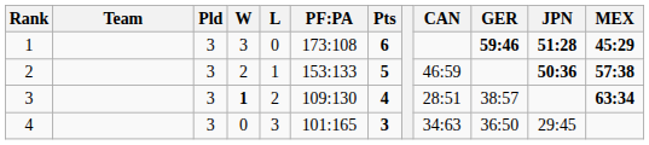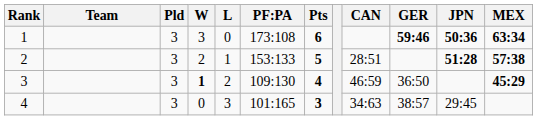 <table class="wikitable" style="text-align:center">
 <tr>
 <th width=25>Rank</th>
 <th width=150>Team</th>
 <th width=25>Pld</th>
 <th width=25>W</th>
 <th width=25>L</th>
 <th width=70>PF:PA</th>
 <th width=25>Pts</th>
 <th rowspan="5"> </th>
 <th width=50>CAN</th>
 <th width=50>GER</th>
 <th width=50>JPN</th>
 <th width=50>MEX</th>
 </tr>
 <tr>
 <td>1</td>
 <td style="text-align:left"></td>
 <td>3</td>
 <td>3</td>
 <td>0</td>
 <td>173:108</td>
 <td><strong>6</strong></td>
 <td></td>
 <td><strong>59:46</strong></td>
-<td><strong>51:28</strong></td>
-<td><strong>45:29</strong></td>
+<td><strong>50:36</strong></td>
+<td><strong>63:34</strong></td>
 </tr>
 <tr>
 <td>2</td>
 <td style="text-align:left"></td>
 <td>3</td>
 <td>2</td>
 <td>1</td>
 <td>153:133</td>
 <td><strong>5</strong></td>
-<td>46:59</td>
+<td>28:51</td>
 <td></td>
-<td><strong>50:36</strong></td>
+<td><strong>51:28</strong></td>
 <td><strong>57:38</strong></td>
 </tr>
 <tr>
 <td>3</td>
 <td style="text-align:left"></td>
 <td>3</td>
 <td><strong>1</strong></td>
 <td>2</td>
 <td>109:130</td>
 <td><strong>4</strong></td>
-<td>28:51</td>
-<td>38:57</td>
+<td>46:59</td>
+<td>36:50</td>
 <td></td>
-<td><strong>63:34</strong></td>
+<td><strong>45:29</strong></td>
 </tr>
 <tr>
 <td>4</td>
 <td style="text-align:left"></td>
 <td>3</td>
 <td>0</td>
 <td>3</td>
 <td>101:165</td>
 <td><strong>3</strong></td>
 <td>34:63</td>
-<td>36:50</td>
+<td>38:57</td>
 <td>29:45</td>
 <td></td>
 </tr>
 </table>
